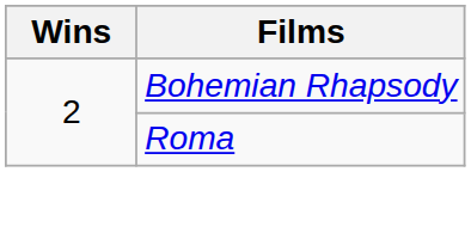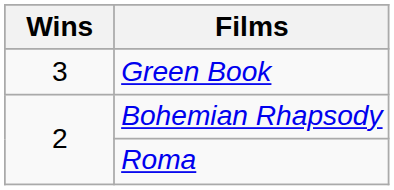 <table class="wikitable">
 <tr>
 <th scope="col" style="width:55px;">Wins</th>
 <th scope="col" style="text-align:center;">Films</th>
+</tr>
+<tr>
+<td rowspan="1" style="text-align:center">3</td>
+<td><em><a href='#'>Green Book</a></em></td>
 </tr>
 <tr>
 <td rowspan="2" style="text-align:center">2</td>
 <td><em><a href='#'>Bohemian Rhapsody</a></em></td>
 </tr>
 <tr>
 <td><em><a href='#'>Roma</a></em></td>
 </tr>
 </table>
